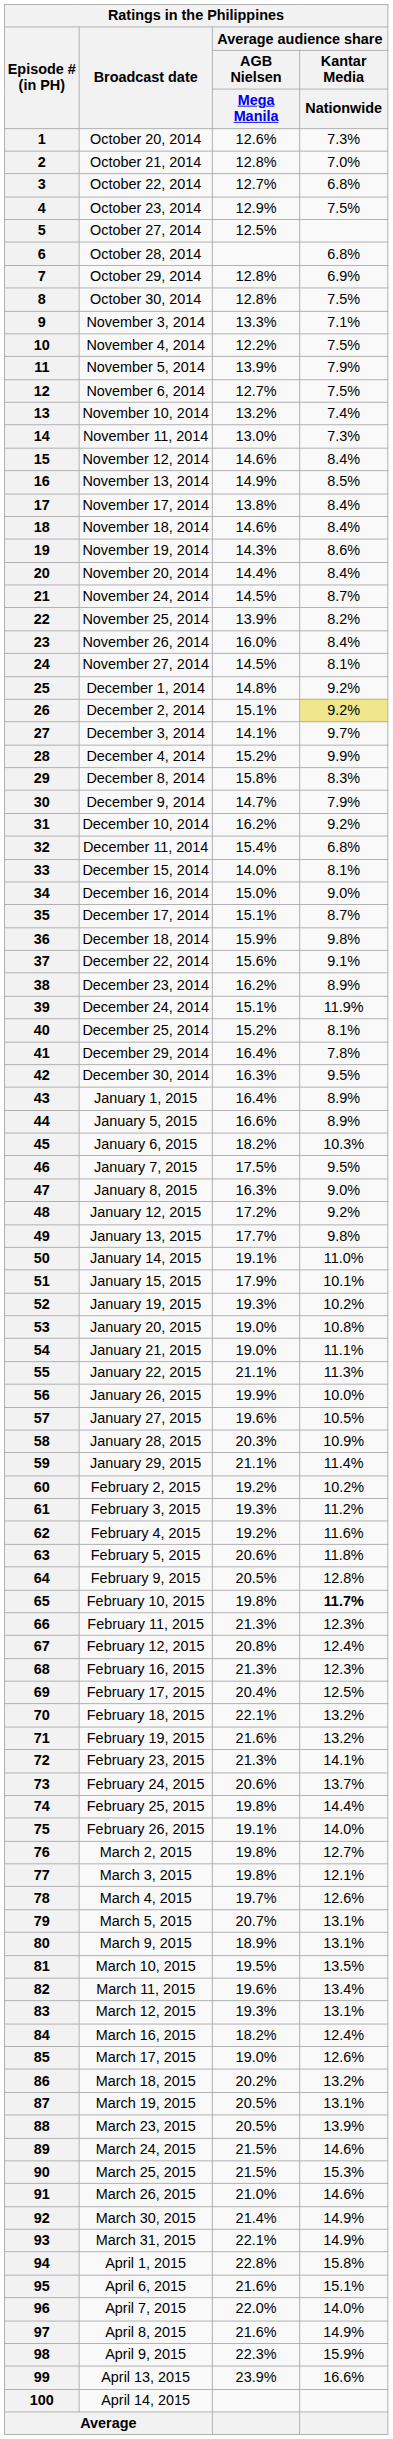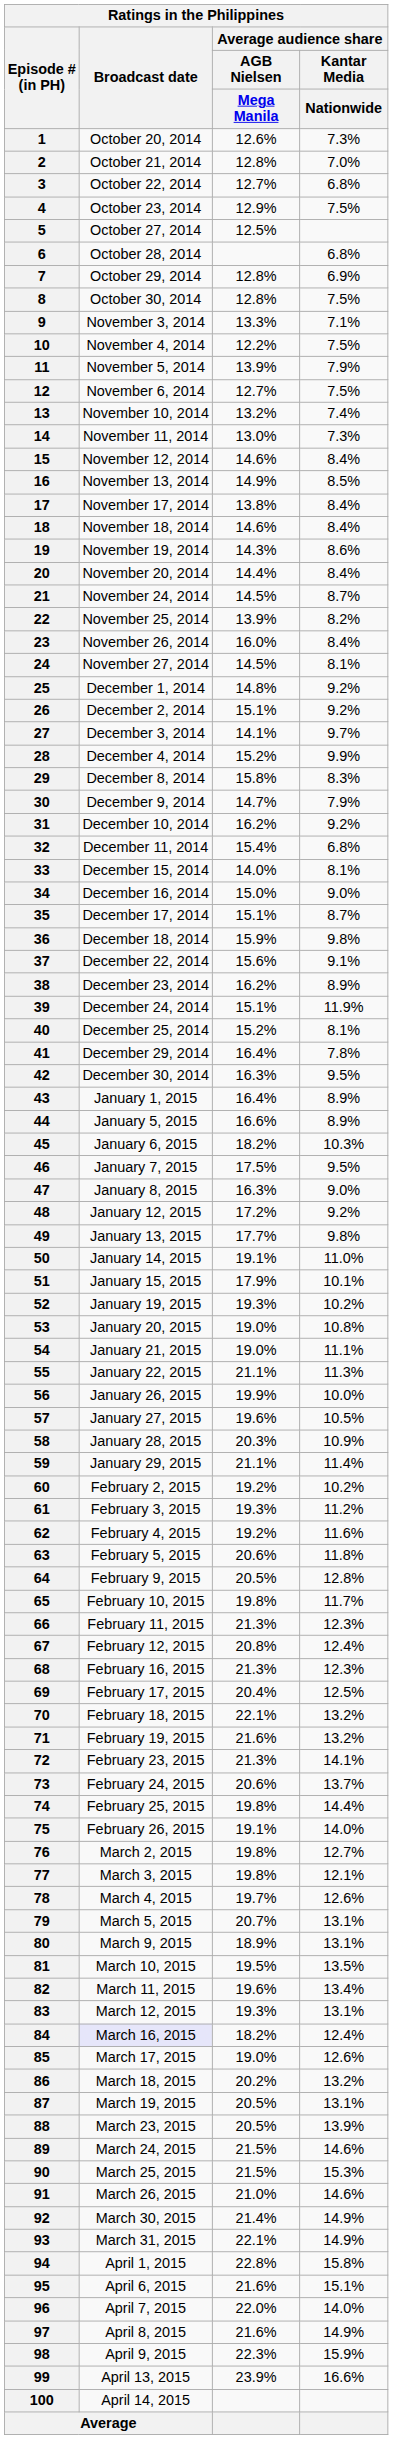 <table class="wikitable" style="text-align:center;">
 <tr>
 <th colspan="4">Ratings in the Philippines</th>
 </tr>
 <tr>
 <th rowspan="3">Episode #<br>(in PH)</th>
 <th rowspan="3">Broadcast date</th>
 <th colspan="2">Average audience share</th>
 </tr>
 <tr>
 <th>AGB Nielsen</th>
 <th>Kantar Media</th>
 </tr>
 <tr>
 <th width="90"><a href='#'>Mega Manila</a></th>
 <th width="90">Nationwide</th>
 </tr>
 <tr>
 <th>1</th>
 <td>October 20, 2014</td>
 <td>12.6%</td>
 <td>7.3%</td>
 </tr>
 <tr>
 <th>2</th>
 <td>October 21, 2014</td>
 <td>12.8%</td>
 <td>7.0%</td>
 </tr>
 <tr>
 <th>3</th>
 <td>October 22, 2014</td>
 <td>12.7%</td>
 <td>6.8%</td>
 </tr>
 <tr>
 <th>4</th>
 <td>October 23, 2014</td>
 <td>12.9%</td>
 <td>7.5%</td>
 </tr>
 <tr>
 <th>5</th>
 <td>October 27, 2014</td>
 <td>12.5%</td>
 <td><strong></strong></td>
 </tr>
 <tr>
 <th>6</th>
 <td>October 28, 2014</td>
 <td><strong></strong></td>
 <td>6.8%</td>
 </tr>
 <tr>
 <th>7</th>
 <td>October 29, 2014</td>
 <td>12.8%</td>
 <td>6.9%</td>
 </tr>
 <tr>
 <th>8</th>
 <td>October 30, 2014</td>
 <td>12.8%</td>
 <td>7.5%</td>
 </tr>
 <tr>
 <th>9</th>
 <td>November 3, 2014</td>
 <td>13.3%</td>
 <td>7.1%</td>
 </tr>
 <tr>
 <th>10</th>
 <td>November 4, 2014</td>
 <td>12.2%</td>
 <td>7.5%</td>
 </tr>
 <tr>
 <th>11</th>
 <td>November 5, 2014</td>
 <td>13.9%</td>
 <td>7.9%</td>
 </tr>
 <tr>
 <th>12</th>
 <td>November 6, 2014</td>
 <td>12.7%</td>
 <td>7.5%</td>
 </tr>
 <tr>
 <th>13</th>
 <td>November 10, 2014</td>
 <td>13.2%</td>
 <td>7.4%</td>
 </tr>
 <tr>
 <th>14</th>
 <td>November 11, 2014</td>
 <td>13.0%</td>
 <td>7.3%</td>
 </tr>
 <tr>
 <th>15</th>
 <td>November 12, 2014</td>
 <td>14.6%</td>
 <td>8.4%</td>
 </tr>
 <tr>
 <th>16</th>
 <td>November 13, 2014</td>
 <td>14.9%</td>
 <td>8.5%</td>
 </tr>
 <tr>
 <th>17</th>
 <td>November 17, 2014</td>
 <td>13.8%</td>
 <td>8.4%</td>
 </tr>
 <tr>
 <th>18</th>
 <td>November 18, 2014</td>
 <td>14.6%</td>
 <td>8.4%</td>
 </tr>
 <tr>
 <th>19</th>
 <td>November 19, 2014</td>
 <td>14.3%</td>
 <td>8.6%</td>
 </tr>
 <tr>
 <th>20</th>
 <td>November 20, 2014</td>
 <td>14.4%</td>
 <td>8.4%</td>
 </tr>
 <tr>
 <th>21</th>
 <td>November 24, 2014</td>
 <td>14.5%</td>
 <td>8.7%</td>
 </tr>
 <tr>
 <th>22</th>
 <td>November 25, 2014</td>
 <td>13.9%</td>
 <td>8.2%</td>
 </tr>
 <tr>
 <th>23</th>
 <td>November 26, 2014</td>
 <td>16.0%</td>
 <td>8.4%</td>
 </tr>
 <tr>
 <th>24</th>
 <td>November 27, 2014</td>
 <td>14.5%</td>
 <td>8.1%</td>
 </tr>
 <tr>
 <th>25</th>
 <td>December 1, 2014</td>
 <td>14.8%</td>
 <td>9.2%</td>
 </tr>
 <tr>
 <th>26</th>
 <td>December 2, 2014</td>
 <td>15.1%</td>
-<td style="background: khaki;">9.2%</td>
+<td>9.2%</td>
 </tr>
 <tr>
 <th>27</th>
 <td>December 3, 2014</td>
 <td>14.1%</td>
 <td>9.7%</td>
 </tr>
 <tr>
 <th>28</th>
 <td>December 4, 2014</td>
 <td>15.2%</td>
 <td>9.9%</td>
 </tr>
 <tr>
 <th>29</th>
 <td>December 8, 2014</td>
 <td>15.8%</td>
 <td>8.3%</td>
 </tr>
 <tr>
 <th>30</th>
 <td>December 9, 2014</td>
 <td>14.7%</td>
 <td>7.9%</td>
 </tr>
 <tr>
 <th>31</th>
 <td>December 10, 2014</td>
 <td>16.2%</td>
 <td>9.2%</td>
 </tr>
 <tr>
 <th>32</th>
 <td>December 11, 2014</td>
 <td>15.4%</td>
 <td>6.8%</td>
 </tr>
 <tr>
 <th>33</th>
 <td>December 15, 2014</td>
 <td>14.0%</td>
 <td>8.1%</td>
 </tr>
 <tr>
 <th>34</th>
 <td>December 16, 2014</td>
 <td>15.0%</td>
 <td>9.0%</td>
 </tr>
 <tr>
 <th>35</th>
 <td>December 17, 2014</td>
 <td>15.1%</td>
 <td>8.7%</td>
 </tr>
 <tr>
 <th>36</th>
 <td>December 18, 2014</td>
 <td>15.9%</td>
 <td>9.8%</td>
 </tr>
 <tr>
 <th>37</th>
 <td>December 22, 2014</td>
 <td>15.6%</td>
 <td>9.1%</td>
 </tr>
 <tr>
 <th>38</th>
 <td>December 23, 2014</td>
 <td>16.2%</td>
 <td>8.9%</td>
 </tr>
 <tr>
 <th>39</th>
 <td>December 24, 2014</td>
 <td>15.1%</td>
 <td>11.9%</td>
 </tr>
 <tr>
 <th>40</th>
 <td>December 25, 2014</td>
 <td>15.2%</td>
 <td>8.1%</td>
 </tr>
 <tr>
 <th>41</th>
 <td>December 29, 2014</td>
 <td>16.4%</td>
 <td>7.8%</td>
 </tr>
 <tr>
 <th>42</th>
 <td>December 30, 2014</td>
 <td>16.3%</td>
 <td>9.5%</td>
 </tr>
 <tr>
 <th>43</th>
 <td>January 1, 2015</td>
 <td>16.4%</td>
 <td>8.9%</td>
 </tr>
 <tr>
 <th>44</th>
 <td>January 5, 2015</td>
 <td>16.6%</td>
 <td>8.9%</td>
 </tr>
 <tr>
 <th>45</th>
 <td>January 6, 2015</td>
 <td>18.2%</td>
 <td>10.3%</td>
 </tr>
 <tr>
 <th>46</th>
 <td>January 7, 2015</td>
 <td>17.5%</td>
 <td>9.5%</td>
 </tr>
 <tr>
 <th>47</th>
 <td>January 8, 2015</td>
 <td>16.3%</td>
 <td>9.0%</td>
 </tr>
 <tr>
 <th>48</th>
 <td>January 12, 2015</td>
 <td>17.2%</td>
 <td>9.2%</td>
 </tr>
 <tr>
 <th>49</th>
 <td>January 13, 2015</td>
 <td>17.7%</td>
 <td>9.8%</td>
 </tr>
 <tr>
 <th>50</th>
 <td>January 14, 2015</td>
 <td>19.1%</td>
 <td>11.0%</td>
 </tr>
 <tr>
 <th>51</th>
 <td>January 15, 2015</td>
 <td>17.9%</td>
 <td>10.1%</td>
 </tr>
 <tr>
 <th>52</th>
 <td>January 19, 2015</td>
 <td>19.3%</td>
 <td>10.2%</td>
 </tr>
 <tr>
 <th>53</th>
 <td>January 20, 2015</td>
 <td>19.0%</td>
 <td>10.8%</td>
 </tr>
 <tr>
 <th>54</th>
 <td>January 21, 2015</td>
 <td>19.0%</td>
 <td>11.1%</td>
 </tr>
 <tr>
 <th>55</th>
 <td>January 22, 2015</td>
 <td>21.1%</td>
 <td>11.3%</td>
 </tr>
 <tr>
 <th>56</th>
 <td>January 26, 2015</td>
 <td>19.9%</td>
 <td>10.0%</td>
 </tr>
 <tr>
 <th>57</th>
 <td>January 27, 2015</td>
 <td>19.6%</td>
 <td>10.5%</td>
 </tr>
 <tr>
 <th>58</th>
 <td>January 28, 2015</td>
 <td>20.3%</td>
 <td>10.9%</td>
 </tr>
 <tr>
 <th>59</th>
 <td>January 29, 2015</td>
 <td>21.1%</td>
 <td>11.4%</td>
 </tr>
 <tr>
 <th>60</th>
 <td>February 2, 2015</td>
 <td>19.2%</td>
 <td>10.2%</td>
 </tr>
 <tr>
 <th>61</th>
 <td>February 3, 2015</td>
 <td>19.3%</td>
 <td>11.2%</td>
 </tr>
 <tr>
 <th>62</th>
 <td>February 4, 2015</td>
 <td>19.2%</td>
 <td>11.6%</td>
 </tr>
 <tr>
 <th>63</th>
 <td>February 5, 2015</td>
 <td>20.6%</td>
 <td>11.8%</td>
 </tr>
 <tr>
 <th>64</th>
 <td>February 9, 2015</td>
 <td>20.5%</td>
 <td>12.8%</td>
 </tr>
 <tr>
 <th>65</th>
 <td>February 10, 2015</td>
 <td>19.8%</td>
-<td><strong>11.7%</strong></td>
+<td>11.7%</td>
 </tr>
 <tr>
 <th>66</th>
 <td>February 11, 2015</td>
 <td>21.3%</td>
 <td>12.3%</td>
 </tr>
 <tr>
 <th>67</th>
 <td>February 12, 2015</td>
 <td>20.8%</td>
 <td>12.4%</td>
 </tr>
 <tr>
 <th>68</th>
 <td>February 16, 2015</td>
 <td>21.3%</td>
 <td>12.3%</td>
 </tr>
 <tr>
 <th>69</th>
 <td>February 17, 2015</td>
 <td>20.4%</td>
 <td>12.5%</td>
 </tr>
 <tr>
 <th>70</th>
 <td>February 18, 2015</td>
 <td>22.1%</td>
 <td>13.2%</td>
 </tr>
 <tr>
 <th>71</th>
 <td>February 19, 2015</td>
 <td>21.6%</td>
 <td>13.2%</td>
 </tr>
 <tr>
 <th>72</th>
 <td>February 23, 2015</td>
 <td>21.3%</td>
 <td>14.1%</td>
 </tr>
 <tr>
 <th>73</th>
 <td>February 24, 2015</td>
 <td>20.6%</td>
 <td>13.7%</td>
 </tr>
 <tr>
 <th>74</th>
 <td>February 25, 2015</td>
 <td>19.8%</td>
 <td>14.4%</td>
 </tr>
 <tr>
 <th>75</th>
 <td>February 26, 2015</td>
 <td>19.1%</td>
 <td>14.0%</td>
 </tr>
 <tr>
 <th>76</th>
 <td>March 2, 2015</td>
 <td>19.8%</td>
 <td>12.7%</td>
 </tr>
 <tr>
 <th>77</th>
 <td>March 3, 2015</td>
 <td>19.8%</td>
 <td>12.1%</td>
 </tr>
 <tr>
 <th>78</th>
 <td>March 4, 2015</td>
 <td>19.7%</td>
 <td>12.6%</td>
 </tr>
 <tr>
 <th>79</th>
 <td>March 5, 2015</td>
 <td>20.7%</td>
 <td>13.1%</td>
 </tr>
 <tr>
 <th>80</th>
 <td>March 9, 2015</td>
 <td>18.9%</td>
 <td>13.1%</td>
 </tr>
 <tr>
 <th>81</th>
 <td>March 10, 2015</td>
 <td>19.5%</td>
 <td>13.5%</td>
 </tr>
 <tr>
 <th>82</th>
 <td>March 11, 2015</td>
 <td>19.6%</td>
 <td>13.4%</td>
 </tr>
 <tr>
 <th>83</th>
 <td>March 12, 2015</td>
 <td>19.3%</td>
 <td>13.1%</td>
 </tr>
 <tr>
 <th>84</th>
-<td>March 16, 2015</td>
+<td style="background: lavender;">March 16, 2015</td>
 <td>18.2%</td>
 <td>12.4%</td>
 </tr>
 <tr>
 <th>85</th>
 <td>March 17, 2015</td>
 <td>19.0%</td>
 <td>12.6%</td>
 </tr>
 <tr>
 <th>86</th>
 <td>March 18, 2015</td>
 <td>20.2%</td>
 <td>13.2%</td>
 </tr>
 <tr>
 <th>87</th>
 <td>March 19, 2015</td>
 <td>20.5%</td>
 <td>13.1%</td>
 </tr>
 <tr>
 <th>88</th>
 <td>March 23, 2015</td>
 <td>20.5%</td>
 <td>13.9%</td>
 </tr>
 <tr>
 <th>89</th>
 <td>March 24, 2015</td>
 <td>21.5%</td>
 <td>14.6%</td>
 </tr>
 <tr>
 <th>90</th>
 <td>March 25, 2015</td>
 <td>21.5%</td>
 <td>15.3%</td>
 </tr>
 <tr>
 <th>91</th>
 <td>March 26, 2015</td>
 <td>21.0%</td>
 <td>14.6%</td>
 </tr>
 <tr>
 <th>92</th>
 <td>March 30, 2015</td>
 <td>21.4%</td>
 <td>14.9%</td>
 </tr>
 <tr>
 <th>93</th>
 <td>March 31, 2015</td>
 <td>22.1%</td>
 <td>14.9%</td>
 </tr>
 <tr>
 <th>94</th>
 <td>April 1, 2015</td>
 <td>22.8%</td>
 <td>15.8%</td>
 </tr>
 <tr>
 <th>95</th>
 <td>April 6, 2015</td>
 <td>21.6%</td>
 <td>15.1%</td>
 </tr>
 <tr>
 <th>96</th>
 <td>April 7, 2015</td>
 <td>22.0%</td>
 <td>14.0%</td>
 </tr>
 <tr>
 <th>97</th>
 <td>April 8, 2015</td>
 <td>21.6%</td>
 <td>14.9%</td>
 </tr>
 <tr>
 <th>98</th>
 <td>April 9, 2015</td>
 <td>22.3%</td>
 <td>15.9%</td>
 </tr>
 <tr>
 <th>99</th>
 <td>April 13, 2015</td>
 <td>23.9%</td>
 <td>16.6%</td>
 </tr>
 <tr>
 <th>100</th>
 <td>April 14, 2015</td>
 <td><strong></strong></td>
 <td><strong></strong></td>
 </tr>
 <tr>
 <th colspan="2">Average</th>
 <th></th>
 <th></th>
 </tr>
 </table>
